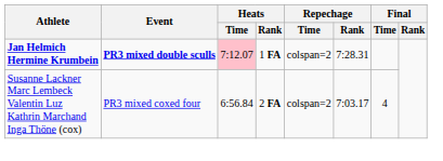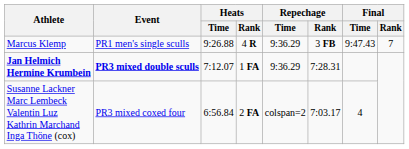 <table class="wikitable" style="font-size:90%">
 <tr>
 <th rowspan=2>Athlete</th>
 <th rowspan=2>Event</th>
 <th colspan=2>Heats</th>
 <th colspan=2>Repechage</th>
 <th colspan=2>Final</th>
 </tr>
 <tr style="font-size:95%">
 <th>Time</th>
 <th>Rank</th>
 <th>Time</th>
 <th>Rank</th>
 <th>Time</th>
 <th>Rank</th>
 </tr>
 <tr align=center>
+<td align=left><a href='#'>Marcus Klemp</a></td>
+<td align=left><a href='#'>PR1 men's single sculls</a></td>
+<td>9:26.88</td>
+<td>4 <strong>R</strong></td>
+<td>9:36.29</td>
+<td>3 <strong>FB</strong></td>
+<td>9:47.43</td>
+<td>7</td>
+</tr>
+<tr align=center>
 <td align=left><strong><a href='#'>Jan Helmich</a><br><a href='#'>Hermine Krumbein</a></strong></td>
 <td align=left><strong><a href='#'>PR3 mixed double sculls</a></strong></td>
-<td style="background: pink;">7:12.07</td>
+<td>7:12.07</td>
 <td>1 <strong>FA</strong></td>
-<td>colspan=2</td>
+<td>9:36.29</td>
 <td>7:28.31</td>
 <td></td>
 </tr>
 <tr align=center>
 <td align=left><a href='#'>Susanne Lackner</a><br><a href='#'>Marc Lembeck</a><br><a href='#'>Valentin Luz</a><br><a href='#'>Kathrin Marchand</a><br><a href='#'>Inga Thöne</a> (cox)</td>
 <td align=left><a href='#'>PR3 mixed coxed four</a></td>
 <td>6:56.84</td>
 <td>2 <strong>FA</strong></td>
 <td>colspan=2</td>
 <td>7:03.17</td>
 <td>4</td>
 </tr>
 </table>
